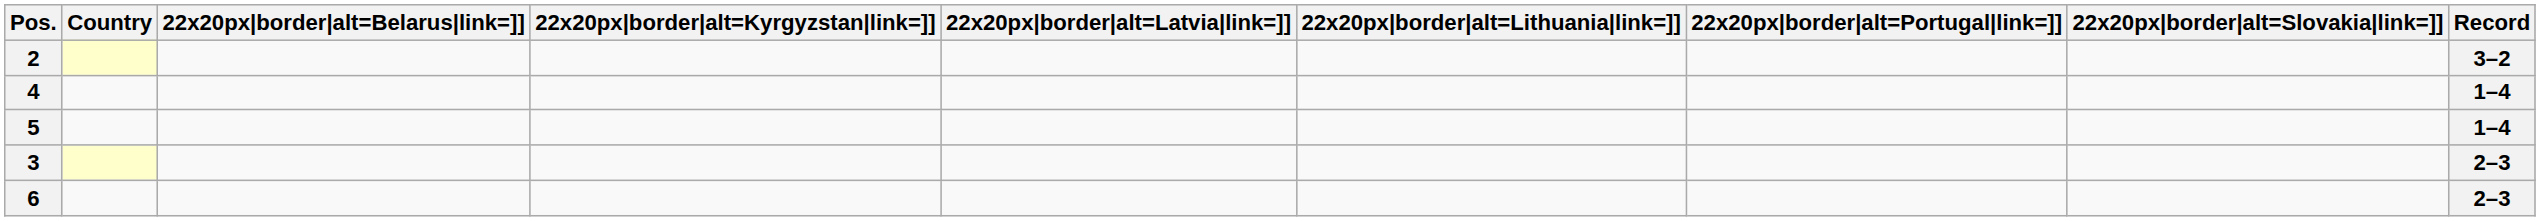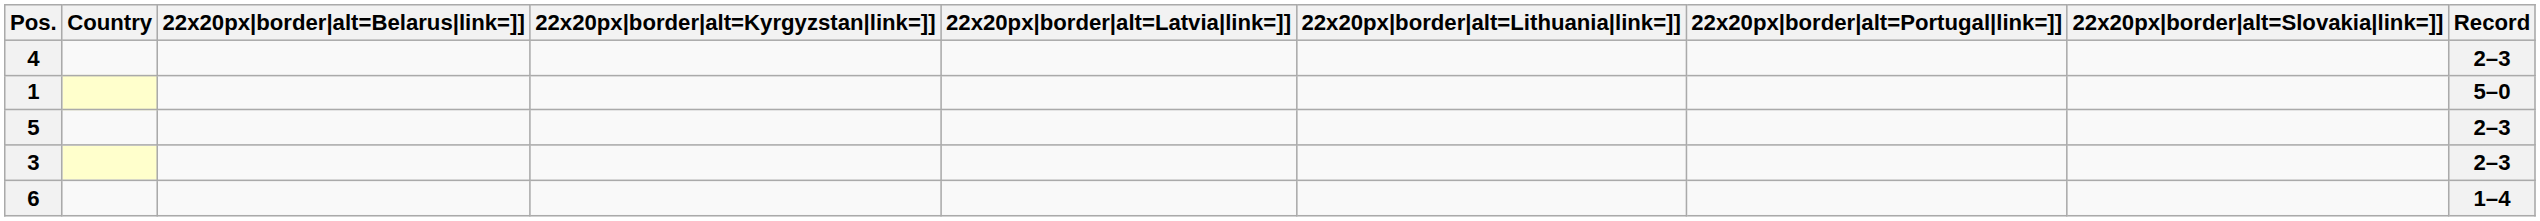 <table class="wikitable sortable nowrap" style="text-align:center; font-size:0.9em">
 <tr>
 <th>Pos.</th>
 <th>Country</th>
 <th [[Image:>22x20px|border|alt=Belarus|link=]]</th>
 <th [[Image:>22x20px|border|alt=Kyrgyzstan|link=]]</th>
 <th [[Image:>22x20px|border|alt=Latvia|link=]]</th>
 <th [[Image:>22x20px|border|alt=Lithuania|link=]]</th>
 <th [[Image:>22x20px|border|alt=Portugal|link=]]</th>
 <th [[Image:>22x20px|border|alt=Slovakia|link=]]</th>
 <th>Record</th>
 </tr>
 <tr>
-<th>2</th>
-<td style="text-align:left; background:#ffffcc;"></td>
-<td> </td>
-<td> </td>
-<td> </td>
-<td> </td>
-<td> </td>
-<td> </td>
-<th>3–2</th>
-</tr>
-<tr>
 <th>4</th>
 <td style="text-align:left;"></td>
 <td> </td>
 <td> </td>
 <td> </td>
 <td> </td>
 <td> </td>
 <td> </td>
-<th>1–4</th>
+<th>2–3</th>
+</tr>
+<tr>
+<th>1</th>
+<td style="text-align:left; background:#ffffcc;"></td>
+<td> </td>
+<td> </td>
+<td> </td>
+<td> </td>
+<td> </td>
+<td> </td>
+<th>5–0</th>
 </tr>
 <tr>
 <th>5</th>
 <td style="text-align:left;"></td>
 <td> </td>
 <td> </td>
 <td> </td>
 <td> </td>
 <td> </td>
 <td> </td>
-<th>1–4</th>
+<th>2–3</th>
 </tr>
 <tr>
 <th>3</th>
 <td style="text-align:left; background:#ffffcc;"></td>
 <td> </td>
 <td> </td>
 <td> </td>
 <td> </td>
 <td> </td>
 <td> </td>
 <th>2–3</th>
 </tr>
 <tr>
 <th>6</th>
 <td style="text-align:left;"></td>
 <td> </td>
 <td> </td>
 <td> </td>
 <td> </td>
 <td> </td>
 <td> </td>
-<th>2–3</th>
+<th>1–4</th>
 </tr>
 </table>
